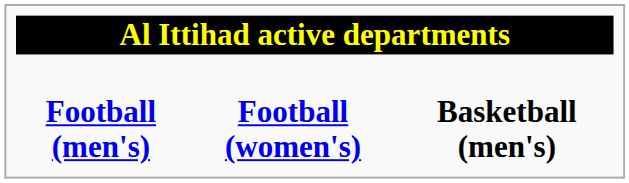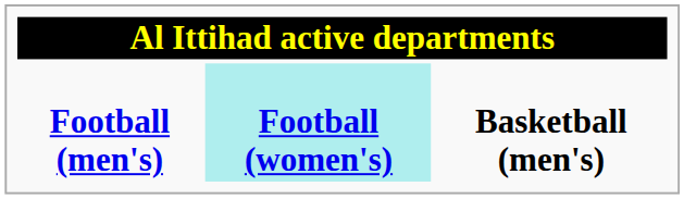 <table class="infobox" style="width: 20em; font-size: 95%em;">
 <tr style="color:yellow; background:black; text-align:center;">
 <th colspan="3" style="text-align: center">Al Ittihad active departments</th>
 </tr>
 <tr style="text-align: center">
 <td><br><strong><a href='#'>Football<br>(men's)</a></strong></td>
-<td><br><strong><a href='#'>Football<br>(women's)</a></strong></td>
+<td style="background: paleturquoise;"><br><strong><a href='#'>Football<br>(women's)</a></strong></td>
 <td><br><strong>Basketball<br>(men's)</strong></td>
 </tr>
 </table>
